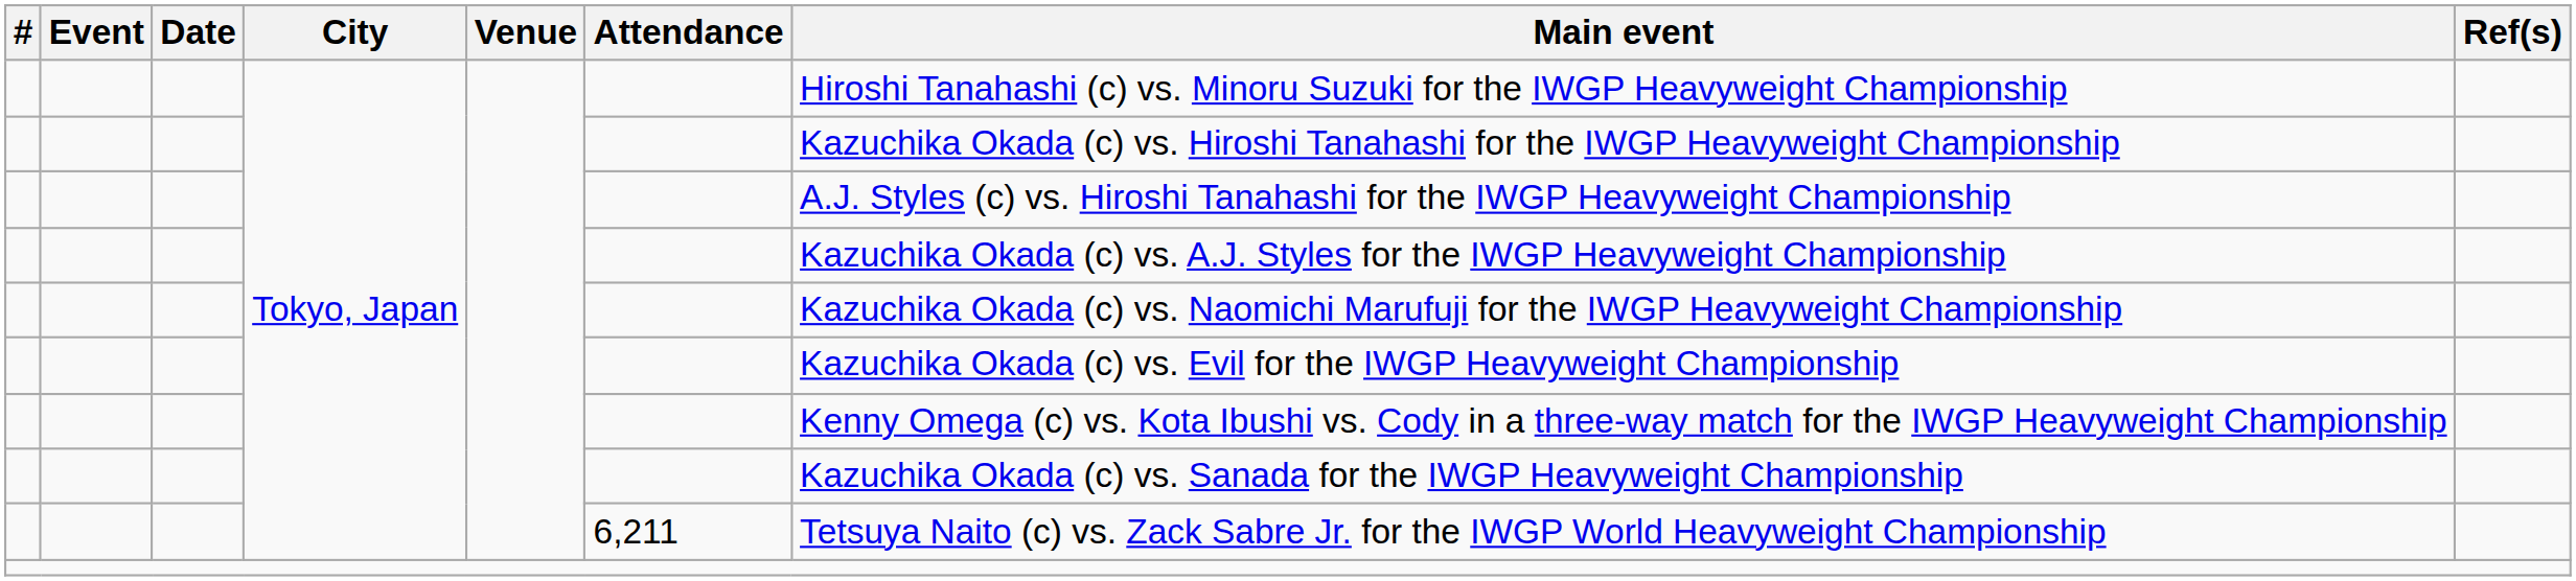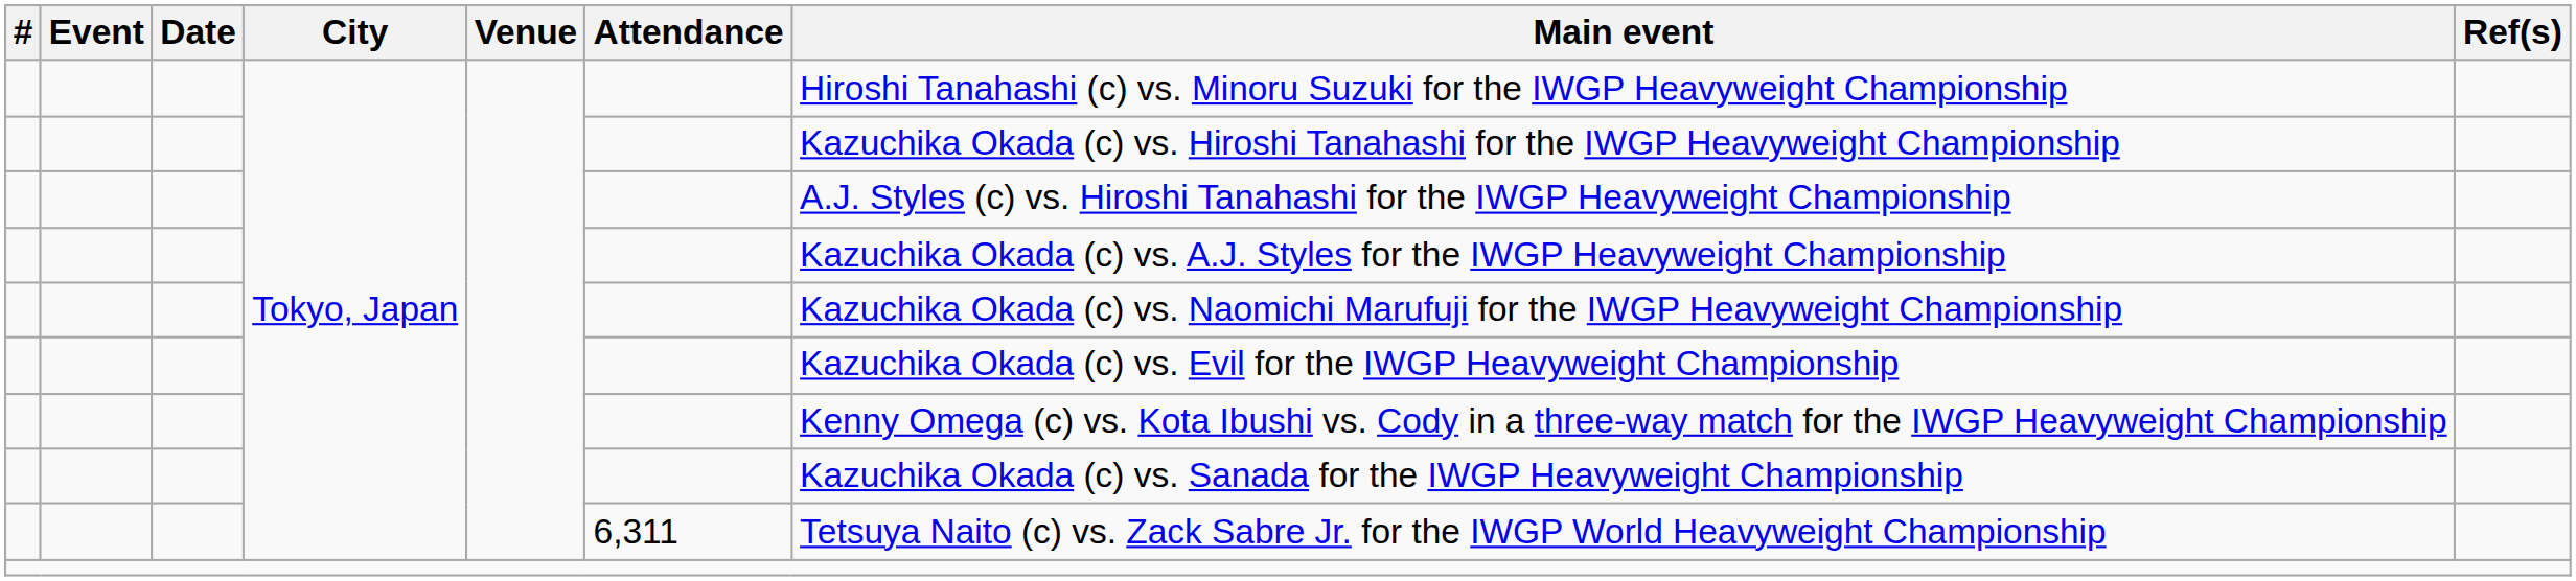 <table class="wikitable sortable" align="center">
 <tr>
 <th>#</th>
 <th>Event</th>
 <th>Date</th>
 <th>City</th>
 <th>Venue</th>
 <th>Attendance</th>
 <th>Main event</th>
 <th>Ref(s)</th>
 </tr>
 <tr>
 <td></td>
 <td></td>
 <td></td>
 <td rowspan="9"><a href='#'>Tokyo, Japan</a></td>
 <td rowspan="9"></td>
 <td></td>
 <td align="left"><a href='#'>Hiroshi Tanahashi</a> (c) vs. <a href='#'>Minoru Suzuki</a> for the <a href='#'>IWGP Heavyweight Championship</a></td>
 <td></td>
 </tr>
 <tr>
 <td></td>
 <td></td>
 <td></td>
 <td></td>
 <td align="left"><a href='#'>Kazuchika Okada</a> (c) vs. <a href='#'>Hiroshi Tanahashi</a> for the <a href='#'>IWGP Heavyweight Championship</a></td>
 <td></td>
 </tr>
 <tr>
 <td></td>
 <td></td>
 <td></td>
 <td></td>
 <td align="left"><a href='#'>A.J. Styles</a> (c) vs. <a href='#'>Hiroshi Tanahashi</a> for the <a href='#'>IWGP Heavyweight Championship</a></td>
 <td></td>
 </tr>
 <tr>
 <td></td>
 <td></td>
 <td></td>
 <td></td>
 <td align="left"><a href='#'>Kazuchika Okada</a> (c) vs. <a href='#'>A.J. Styles</a> for the <a href='#'>IWGP Heavyweight Championship</a></td>
 <td></td>
 </tr>
 <tr>
 <td></td>
 <td></td>
 <td></td>
 <td></td>
 <td align="left"><a href='#'>Kazuchika Okada</a> (c) vs. <a href='#'>Naomichi Marufuji</a> for the <a href='#'>IWGP Heavyweight Championship</a></td>
 <td></td>
 </tr>
 <tr>
 <td></td>
 <td></td>
 <td></td>
 <td></td>
 <td align="left"><a href='#'>Kazuchika Okada</a> (c) vs. <a href='#'>Evil</a> for the <a href='#'>IWGP Heavyweight Championship</a></td>
 <td></td>
 </tr>
 <tr>
 <td></td>
 <td></td>
 <td></td>
 <td></td>
 <td align="left"><a href='#'>Kenny Omega</a> (c) vs. <a href='#'>Kota Ibushi</a> vs. <a href='#'>Cody</a> in a <a href='#'>three-way match</a> for the <a href='#'>IWGP Heavyweight Championship</a></td>
 <td></td>
 </tr>
 <tr>
 <td></td>
 <td></td>
 <td></td>
 <td></td>
 <td><a href='#'>Kazuchika Okada</a> (c) vs. <a href='#'>Sanada</a> for the <a href='#'>IWGP Heavyweight Championship</a></td>
 <td></td>
 </tr>
 <tr>
 <td></td>
 <td></td>
 <td></td>
-<td>6,211</td>
+<td>6,311</td>
 <td><a href='#'>Tetsuya Naito</a> (c) vs. <a href='#'>Zack Sabre Jr.</a> for the <a href='#'>IWGP World Heavyweight Championship</a></td>
 <td></td>
 </tr>
 <tr>
 <td colspan="8"></td>
 </tr>
 </table>
